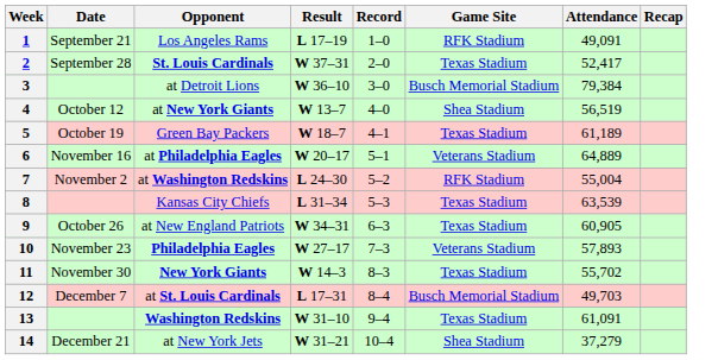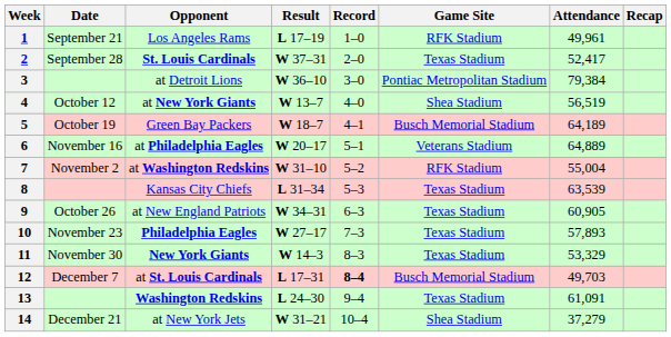 <table class="wikitable" style="text-align:center">
 <tr>
 <th>Week</th>
 <th>Date</th>
 <th>Opponent</th>
 <th>Result</th>
 <th>Record</th>
 <th>Game Site</th>
 <th>Attendance</th>
 <th>Recap</th>
 </tr>
 <tr style="background: #cfc">
 <th><a href='#'>1</a></th>
 <td>September 21</td>
 <td><a href='#'>Los Angeles Rams</a></td>
 <td><strong>L</strong> 17–19</td>
 <td>1–0</td>
 <td><a href='#'>RFK Stadium</a></td>
-<td>49,091</td>
+<td>49,961</td>
 <td></td>
 </tr>
 <tr style="background: #cfc">
 <th><a href='#'>2</a></th>
 <td>September 28</td>
 <td><strong><a href='#'>St. Louis Cardinals</a></strong></td>
 <td><strong>W</strong> 37–31 </td>
 <td>2–0</td>
 <td><a href='#'>Texas Stadium</a></td>
 <td>52,417</td>
 <td></td>
 </tr>
 <tr style="background: #cfc">
 <th>3</th>
 <td></td>
 <td>at <a href='#'>Detroit Lions</a></td>
 <td><strong>W</strong> 36–10</td>
 <td>3–0</td>
-<td><a href='#'>Busch Memorial Stadium</a></td>
+<td><a href='#'>Pontiac Metropolitan Stadium</a></td>
 <td>79,384</td>
 <td></td>
 </tr>
 <tr style="background: #cfc">
 <th>4</th>
 <td>October 12</td>
 <td>at <strong><a href='#'>New York Giants</a></strong></td>
 <td><strong>W</strong> 13–7</td>
 <td>4–0</td>
 <td><a href='#'>Shea Stadium</a></td>
 <td>56,519</td>
 <td></td>
 </tr>
 <tr style="background: #fcc">
 <th>5</th>
 <td>October 19</td>
 <td><a href='#'>Green Bay Packers</a></td>
 <td><strong>W</strong> 18–7</td>
 <td>4–1</td>
-<td><a href='#'>Texas Stadium</a></td>
-<td>61,189</td>
+<td><a href='#'>Busch Memorial Stadium</a></td>
+<td>64,189</td>
 <td></td>
 </tr>
 <tr style="background: #cfc">
 <th>6</th>
 <td>November 16</td>
 <td>at <strong><a href='#'>Philadelphia Eagles</a></strong></td>
 <td><strong>W</strong> 20–17</td>
 <td>5–1</td>
 <td><a href='#'>Veterans Stadium</a></td>
 <td>64,889</td>
 <td></td>
 </tr>
 <tr style="background: #fcc">
 <th>7</th>
 <td>November 2</td>
 <td>at <strong><a href='#'>Washington Redskins</a></strong></td>
-<td><strong>L</strong> 24–30 </td>
+<td><strong>W</strong> 31–10</td>
 <td>5–2</td>
 <td><a href='#'>RFK Stadium</a></td>
 <td>55,004</td>
 <td></td>
 </tr>
 <tr style="background: #fcc">
 <th>8</th>
 <td></td>
 <td><a href='#'>Kansas City Chiefs</a></td>
 <td><strong>L</strong> 31–34</td>
 <td>5–3</td>
 <td><a href='#'>Texas Stadium</a></td>
 <td>63,539</td>
 <td></td>
 </tr>
 <tr style="background: #cfc">
 <th>9</th>
 <td>October 26</td>
 <td>at <a href='#'>New England Patriots</a></td>
 <td><strong>W</strong> 34–31</td>
 <td>6–3</td>
 <td><a href='#'>Texas Stadium</a></td>
 <td>60,905</td>
 <td></td>
 </tr>
 <tr style="background: #cfc">
 <th>10</th>
 <td>November 23</td>
 <td><strong><a href='#'>Philadelphia Eagles</a></strong></td>
 <td><strong>W</strong> 27–17</td>
 <td>7–3</td>
-<td><a href='#'>Veterans Stadium</a></td>
+<td><a href='#'>Texas Stadium</a></td>
 <td>57,893</td>
 <td></td>
 </tr>
 <tr style="background: #cfc">
 <th>11</th>
 <td>November 30</td>
 <td><strong><a href='#'>New York Giants</a></strong></td>
 <td><strong>W</strong> 14–3</td>
 <td>8–3</td>
 <td><a href='#'>Texas Stadium</a></td>
-<td>55,702</td>
+<td>53,329</td>
 <td></td>
 </tr>
 <tr style="background: #fcc">
 <th>12</th>
 <td>December 7</td>
 <td>at <strong><a href='#'>St. Louis Cardinals</a></strong></td>
 <td><strong>L</strong> 17–31</td>
-<td>8–4</td>
+<td><strong>8–4</strong></td>
 <td><a href='#'>Busch Memorial Stadium</a></td>
 <td>49,703</td>
 <td></td>
 </tr>
 <tr style="background: #cfc">
 <th>13</th>
 <td></td>
 <td><strong><a href='#'>Washington Redskins</a></strong></td>
-<td><strong>W</strong> 31–10</td>
+<td><strong>L</strong> 24–30 </td>
 <td>9–4</td>
 <td><a href='#'>Texas Stadium</a></td>
 <td>61,091</td>
 <td></td>
 </tr>
 <tr style="background: #cfc">
 <th>14</th>
 <td>December 21</td>
 <td>at <a href='#'>New York Jets</a></td>
 <td><strong>W</strong> 31–21</td>
 <td>10–4</td>
 <td><a href='#'>Shea Stadium</a></td>
 <td>37,279</td>
 <td></td>
 </tr>
 </table>
